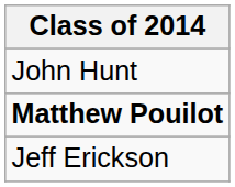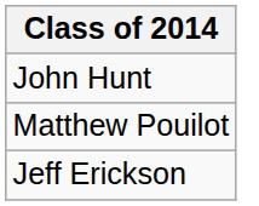 <table class="wikitable" border="1">
 <tr>
 <th>Class of 2014</th>
 </tr>
 <tr>
 <td>John Hunt</td>
 </tr>
 <tr>
-<td><strong>Matthew Pouilot</strong></td>
+<td>Matthew Pouilot</td>
 </tr>
 <tr>
 <td>Jeff Erickson</td>
 </tr>
 </table>
